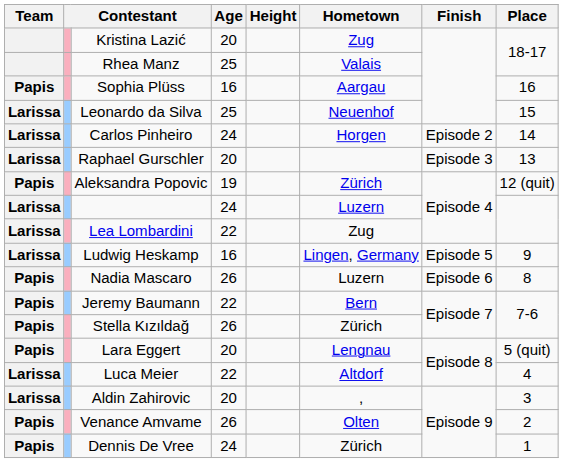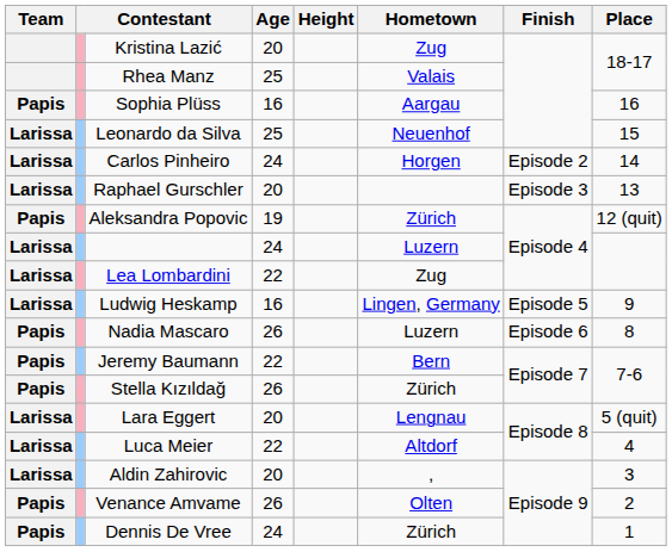 <table class="wikitable sortable" style="text-align:center;">
 <tr>
 <th>Team</th>
 <th colspan="2">Contestant</th>
 <th>Age</th>
 <th>Height</th>
 <th>Hometown</th>
 <th>Finish</th>
 <th>Place</th>
 </tr>
 <tr>
 <th></th>
 <td style="background:#faafbe"></td>
 <td>Kristina Lazić</td>
 <td>20</td>
 <td></td>
 <td><a href='#'>Zug</a></td>
 <td rowspan="4"></td>
 <td rowspan="2">18-17</td>
 </tr>
 <tr>
 <th></th>
 <td style="background:#faafbe"></td>
 <td>Rhea Manz</td>
 <td>25</td>
 <td></td>
 <td><a href='#'>Valais</a></td>
 </tr>
 <tr>
 <th><span>Papis</span></th>
 <td style="background:#faafbe"></td>
 <td>Sophia Plüss</td>
 <td>16</td>
 <td></td>
 <td><a href='#'>Aargau</a></td>
 <td>16</td>
 </tr>
 <tr>
 <th><span>Larissa</span></th>
 <td style="background:#9cf;"></td>
 <td>Leonardo da Silva</td>
 <td>25</td>
 <td></td>
 <td><a href='#'>Neuenhof</a></td>
 <td>15</td>
 </tr>
 <tr>
 <th><span>Larissa</span></th>
 <td style="background:#9cf;"></td>
 <td>Carlos Pinheiro</td>
 <td>24</td>
 <td></td>
 <td><a href='#'>Horgen</a></td>
 <td>Episode 2</td>
 <td>14</td>
 </tr>
 <tr>
 <th><span>Larissa</span></th>
 <td style="background:#9cf;"></td>
 <td>Raphael Gurschler</td>
 <td>20</td>
 <td></td>
 <td></td>
 <td>Episode 3</td>
 <td>13</td>
 </tr>
 <tr>
 <th><span>Papis</span></th>
 <td style="background:#faafbe"></td>
 <td>Aleksandra Popovic</td>
 <td>19</td>
 <td></td>
 <td><a href='#'>Zürich</a></td>
 <td rowspan="3">Episode 4</td>
 <td>12 (quit)</td>
 </tr>
 <tr>
 <th><span>Larissa</span></th>
 <td style="background:#9cf;"></td>
 <td></td>
 <td>24</td>
 <td></td>
 <td><a href='#'>Luzern</a></td>
 <td rowspan="2"></td>
 </tr>
 <tr>
 <th><span>Larissa</span></th>
 <td style="background:#faafbe"></td>
 <td><a href='#'>Lea Lombardini</a></td>
 <td>22</td>
 <td></td>
 <td>Zug</td>
 </tr>
 <tr>
 <th><span>Larissa</span></th>
 <td style="background:#9cf;"></td>
 <td>Ludwig Heskamp</td>
 <td>16</td>
 <td></td>
 <td><a href='#'>Lingen</a>, <a href='#'>Germany</a></td>
 <td>Episode 5</td>
 <td>9</td>
 </tr>
 <tr>
 <th><span>Papis</span></th>
 <td style="background:#faafbe"></td>
 <td>Nadia Mascaro</td>
 <td>26</td>
 <td></td>
 <td>Luzern</td>
 <td>Episode 6</td>
 <td>8</td>
 </tr>
 <tr>
 <th><span>Papis</span></th>
 <td style="background:#9cf;"></td>
 <td>Jeremy Baumann</td>
 <td>22</td>
 <td></td>
 <td><a href='#'>Bern</a></td>
 <td rowspan="2">Episode 7</td>
 <td rowspan="2">7-6</td>
 </tr>
 <tr>
 <th><span>Papis</span></th>
 <td style="background:#faafbe"></td>
 <td>Stella Kızıldağ</td>
 <td>26</td>
 <td></td>
 <td>Zürich</td>
 </tr>
 <tr>
-<th><span>Papis</span></th>
+<th><span>Larissa</span></th>
 <td style="background:#faafbe"></td>
 <td>Lara Eggert</td>
 <td>20</td>
 <td></td>
 <td><a href='#'>Lengnau</a></td>
 <td rowspan="2">Episode 8</td>
 <td>5 (quit)</td>
 </tr>
 <tr>
 <th><span>Larissa</span></th>
 <td style="background:#9cf;"></td>
 <td>Luca Meier</td>
 <td>22</td>
 <td></td>
 <td><a href='#'>Altdorf</a></td>
 <td>4</td>
 </tr>
 <tr>
 <th><span>Larissa</span></th>
 <td style="background:#9cf;"></td>
 <td>Aldin Zahirovic</td>
 <td>20</td>
 <td></td>
 <td>, </td>
 <td rowspan="3">Episode 9</td>
 <td>3</td>
 </tr>
 <tr>
 <th><span>Papis</span></th>
 <td style="background:#faafbe"></td>
 <td>Venance Amvame</td>
 <td>26</td>
 <td></td>
 <td><a href='#'>Olten</a></td>
 <td>2</td>
 </tr>
 <tr>
 <th><span>Papis</span></th>
 <td style="background:#9cf;"></td>
 <td>Dennis De Vree</td>
 <td>24</td>
 <td></td>
 <td>Zürich</td>
 <td>1</td>
 </tr>
 </table>
